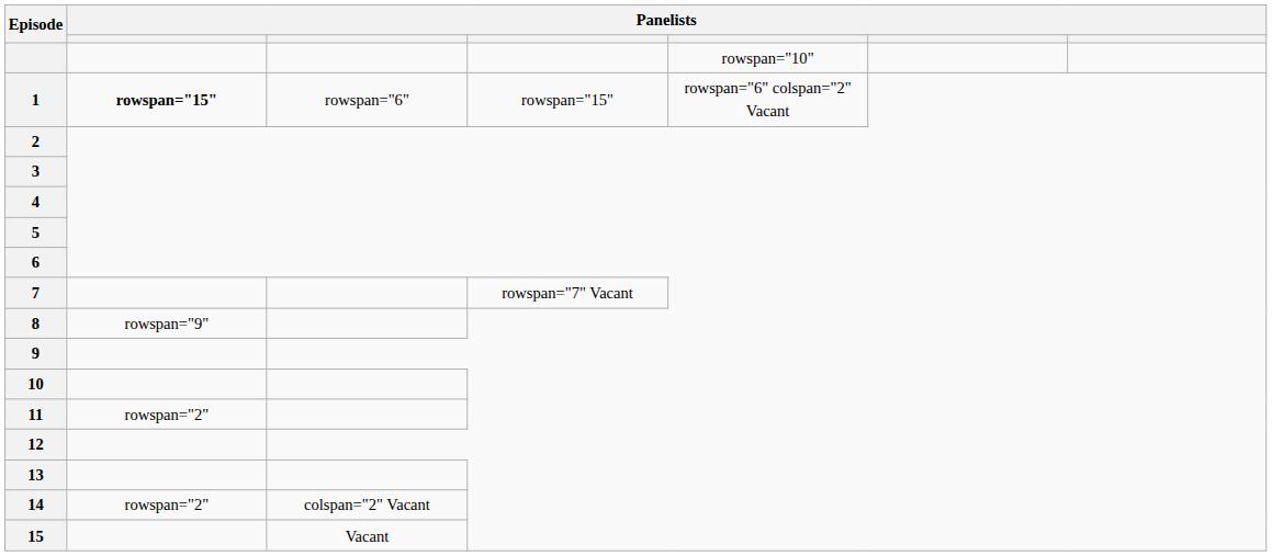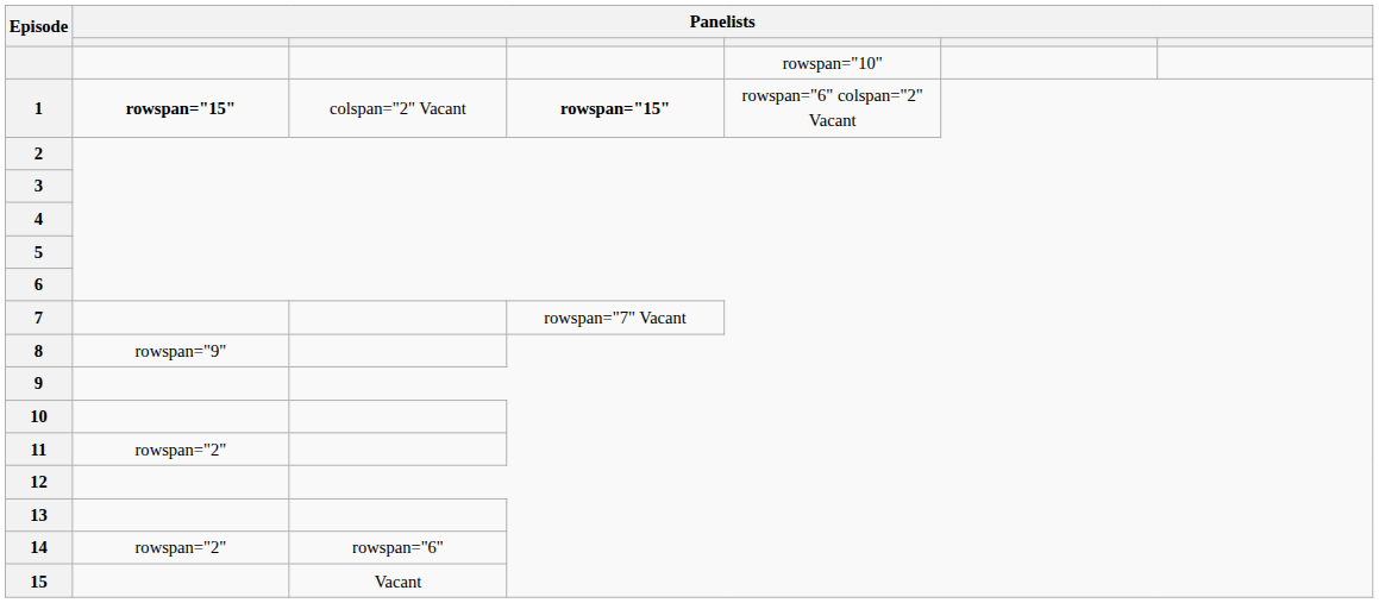 <table class="wikitable plainrowheaders mw-collapsible" style="text-align:center; line-height:23px; width:100%;">
 <tr>
 <th rowspan="2" width="1%">Episode</th>
 <th colspan="6">Panelists</th>
 </tr>
 <tr>
 <th width="16%"></th>
 <th width="16%"></th>
 <th width="16%"></th>
 <th width="16%"></th>
 <th width="16%"></th>
 <th width="16%"></th>
 </tr>
 <tr>
 <th></th>
 <td></td>
 <td></td>
 <td></td>
 <td>rowspan="10" </td>
 <td></td>
 <td></td>
 </tr>
 <tr>
 <th>1</th>
 <td><strong>rowspan="15" </strong></td>
-<td>rowspan="6" </td>
-<td>rowspan="15" </td>
+<td>colspan="2"  Vacant</td>
+<td><strong>rowspan="15" </strong></td>
 <td>rowspan="6" colspan="2"  Vacant</td>
 </tr>
 <tr>
 <th>2</th>
 </tr>
 <tr>
 <th>3</th>
 </tr>
 <tr>
 <th>4</th>
 </tr>
 <tr>
 <th>5</th>
 </tr>
 <tr>
 <th>6</th>
 </tr>
 <tr>
 <th>7</th>
 <td></td>
 <td></td>
 <td>rowspan="7"  Vacant</td>
 </tr>
 <tr>
 <th>8</th>
 <td>rowspan="9" </td>
 <td></td>
 </tr>
 <tr>
 <th>9</th>
 <td></td>
 </tr>
 <tr>
 <th>10</th>
 <td></td>
 <td></td>
 </tr>
 <tr>
 <th>11</th>
 <td>rowspan="2" </td>
 <td></td>
 </tr>
 <tr>
 <th>12</th>
 <td></td>
 </tr>
 <tr>
 <th>13</th>
 <td></td>
 <td></td>
 </tr>
 <tr>
 <th>14</th>
 <td>rowspan="2" </td>
-<td>colspan="2"  Vacant</td>
+<td>rowspan="6" </td>
 </tr>
 <tr>
 <th>15</th>
 <td></td>
 <td> Vacant</td>
 </tr>
 </table>
